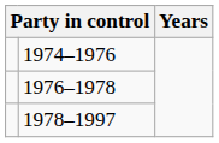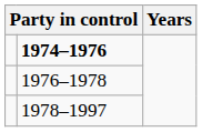 <table class="wikitable">
 <tr>
 <th colspan="2">Party in control</th>
 <th>Years</th>
 </tr>
 <tr>
 <td></td>
-<td>1974–1976</td>
+<td><strong>1974–1976</strong></td>
 </tr>
 <tr>
 <td></td>
 <td>1976–1978</td>
 </tr>
 <tr>
 <td></td>
 <td>1978–1997</td>
 </tr>
 </table>
